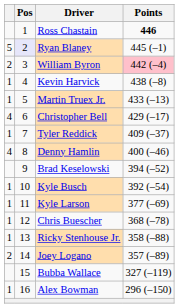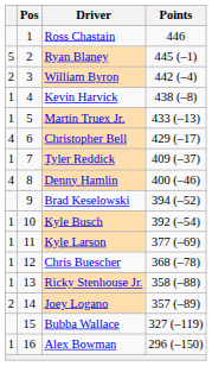 <table class="wikitable" style="font-size: 95%;">
 <tr>
 <th></th>
 <th>Pos</th>
 <th>Driver</th>
 <th>Points</th>
 </tr>
 <tr>
 <td align="left"></td>
 <td style="text-align:center;">1</td>
 <td><a href='#'>Ross Chastain</a></td>
-<td style="text-align:center;"><strong>446</strong></td>
+<td style="text-align:center;">446</td>
 </tr>
 <tr>
 <td align="left"> 5</td>
-<td style="background: lavender; text-align:center;">2</td>
+<td style="text-align:center;">2</td>
 <td style="background:#FFDEAD;"><a href='#'>Ryan Blaney</a></td>
 <td style="text-align:center;">445 (–1)</td>
 </tr>
 <tr>
 <td align="left"> 2</td>
 <td style="text-align:center;">3</td>
 <td style="background:#FFDEAD;"><a href='#'>William Byron</a></td>
-<td style="background: pink; text-align:center;">442 (–4)</td>
+<td style="text-align:center;">442 (–4)</td>
 </tr>
 <tr>
 <td align="left"> 1</td>
 <td style="text-align:center;">4</td>
 <td><a href='#'>Kevin Harvick</a></td>
 <td style="text-align:center;">438 (–8)</td>
 </tr>
 <tr>
 <td align="left"> 1</td>
 <td style="text-align:center;">5</td>
 <td style="background:#FFDEAD;"><a href='#'>Martin Truex Jr.</a></td>
 <td style="text-align:center;">433 (–13)</td>
 </tr>
 <tr>
 <td align="left"> 4</td>
 <td style="text-align:center;">6</td>
 <td style="background:#FFDEAD;"><a href='#'>Christopher Bell</a></td>
 <td style="text-align:center;">429 (–17)</td>
 </tr>
 <tr>
 <td align="left"> 1</td>
 <td style="text-align:center;">7</td>
 <td style="background:#FFDEAD;"><a href='#'>Tyler Reddick</a></td>
 <td style="text-align:center;">409 (–37)</td>
 </tr>
 <tr>
 <td align="left"> 4</td>
 <td style="text-align:center;">8</td>
 <td style="background:#FFDEAD;"><a href='#'>Denny Hamlin</a></td>
 <td style="text-align:center;">400 (–46)</td>
 </tr>
 <tr>
 <td align="left"></td>
 <td style="text-align:center;">9</td>
 <td><a href='#'>Brad Keselowski</a></td>
 <td style="text-align:center;">394 (–52)</td>
 </tr>
 <tr>
 <td align="left"> 1</td>
 <td style="text-align:center;">10</td>
 <td style="background:#FFDEAD;"><a href='#'>Kyle Busch</a></td>
 <td style="text-align:center;">392 (–54)</td>
 </tr>
 <tr>
 <td align="left"> 1</td>
 <td style="text-align:center;">11</td>
 <td style="background:#FFDEAD;"><a href='#'>Kyle Larson</a></td>
 <td style="text-align:center;">377 (–69)</td>
 </tr>
 <tr>
 <td align="left"> 1</td>
 <td style="text-align:center;">12</td>
 <td><a href='#'>Chris Buescher</a></td>
 <td style="text-align:center;">368 (–78)</td>
 </tr>
 <tr>
 <td align="left"> 1</td>
 <td style="text-align:center;">13</td>
 <td style="background:#FFDEAD;"><a href='#'>Ricky Stenhouse Jr.</a></td>
 <td style="text-align:center;">358 (–88)</td>
 </tr>
 <tr>
 <td align="left"> 2</td>
 <td style="text-align:center;">14</td>
 <td style="background:#FFDEAD;"><a href='#'>Joey Logano</a></td>
 <td style="text-align:center;">357 (–89)</td>
 </tr>
 <tr>
 <td align="left"></td>
 <td style="text-align:center;">15</td>
 <td><a href='#'>Bubba Wallace</a></td>
 <td style="text-align:center;">327 (–119)</td>
 </tr>
 <tr>
 <td align="left"> 1</td>
 <td style="text-align:center;">16</td>
 <td><a href='#'>Alex Bowman</a></td>
 <td style="text-align:center;">296 (–150)</td>
 </tr>
 <tr class="sortbottom">
 <th colspan="9"></th>
 </tr>
 </table>
